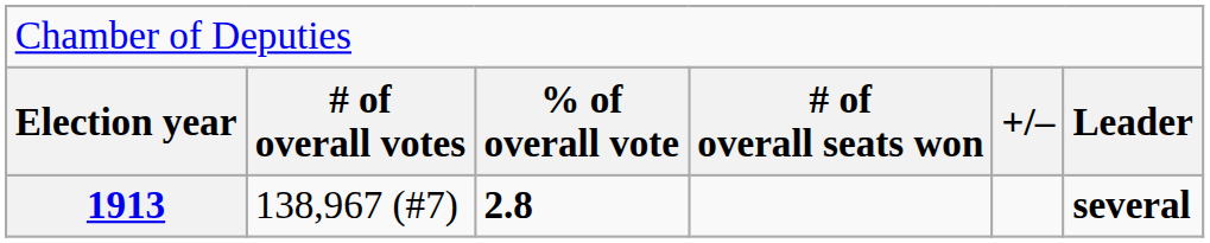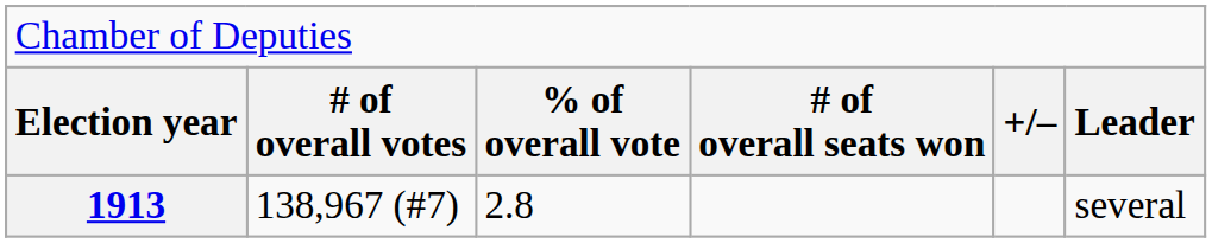 <table class=wikitable>
 <tr>
 <td colspan=7><a href='#'>Chamber of Deputies</a></td>
 </tr>
 <tr>
 <th>Election year</th>
 <th># of<br>overall votes</th>
 <th>% of<br>overall vote</th>
 <th># of<br>overall seats won</th>
 <th>+/–</th>
 <th>Leader</th>
 </tr>
 <tr>
 <th><a href='#'>1913</a></th>
 <td>138,967 (#7)</td>
-<td><strong>2.8</strong></td>
+<td>2.8</td>
 <td></td>
 <td></td>
-<td><strong>several</strong></td>
+<td>several</td>
 </tr>
 </table>
